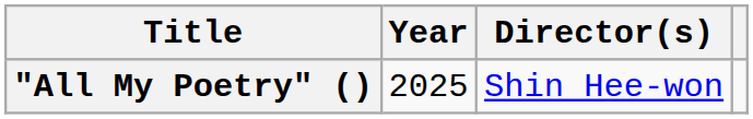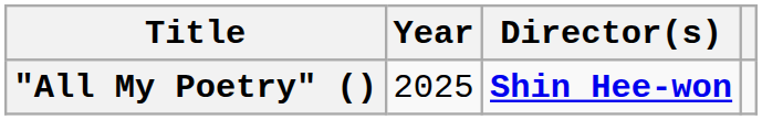 <table class="wikitable plainrowheaders" style="text-align:center">
 <tr>
 <th scope="col">Title</th>
 <th scope="col">Year</th>
 <th scope="col">Director(s)</th>
 <th scope="col"></th>
 </tr>
 <tr>
 <th scope="row">"All My Poetry" ()</th>
 <td>2025</td>
-<td><a href='#'>Shin Hee-won</a></td>
+<td><strong><a href='#'>Shin Hee-won</a></strong></td>
 <td></td>
 </tr>
 </table>
